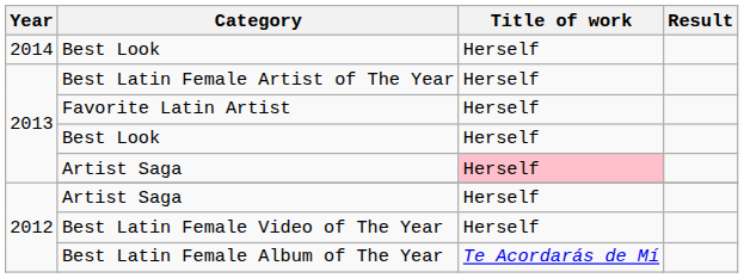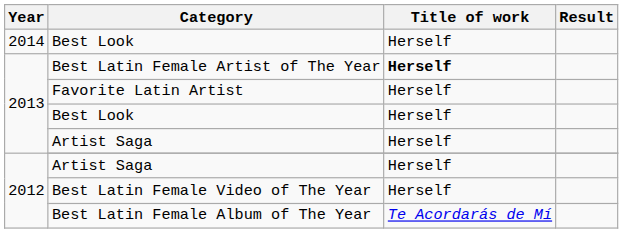 <table class="wikitable plainrowheaders sortable">
 <tr>
 <th scope="col">Year</th>
 <th scope="col">Category</th>
 <th scope="col">Title of work</th>
 <th scope="col">Result</th>
 </tr>
 <tr>
 <td>2014</td>
 <td>Best Look</td>
 <td>Herself</td>
 <td></td>
 </tr>
 <tr>
 <td rowspan=4>2013</td>
 <td>Best Latin Female Artist of The Year</td>
-<td>Herself</td>
+<td><strong>Herself</strong></td>
 <td></td>
 </tr>
 <tr>
 <td>Favorite Latin Artist</td>
 <td>Herself</td>
 <td></td>
 </tr>
 <tr>
 <td>Best Look</td>
 <td>Herself</td>
 <td></td>
 </tr>
 <tr>
 <td>Artist Saga</td>
-<td style="background: pink;">Herself</td>
+<td>Herself</td>
 <td></td>
 </tr>
 <tr>
 <td rowspan=4>2012</td>
 </tr>
 <tr>
 <td>Artist Saga</td>
 <td>Herself</td>
 <td></td>
 </tr>
 <tr>
 <td>Best Latin Female Video of The Year</td>
 <td>Herself</td>
 <td></td>
 </tr>
 <tr>
 <td>Best Latin Female Album of The Year</td>
 <td><em><a href='#'>Te Acordarás de Mí</a></em></td>
 <td></td>
 </tr>
 </table>
